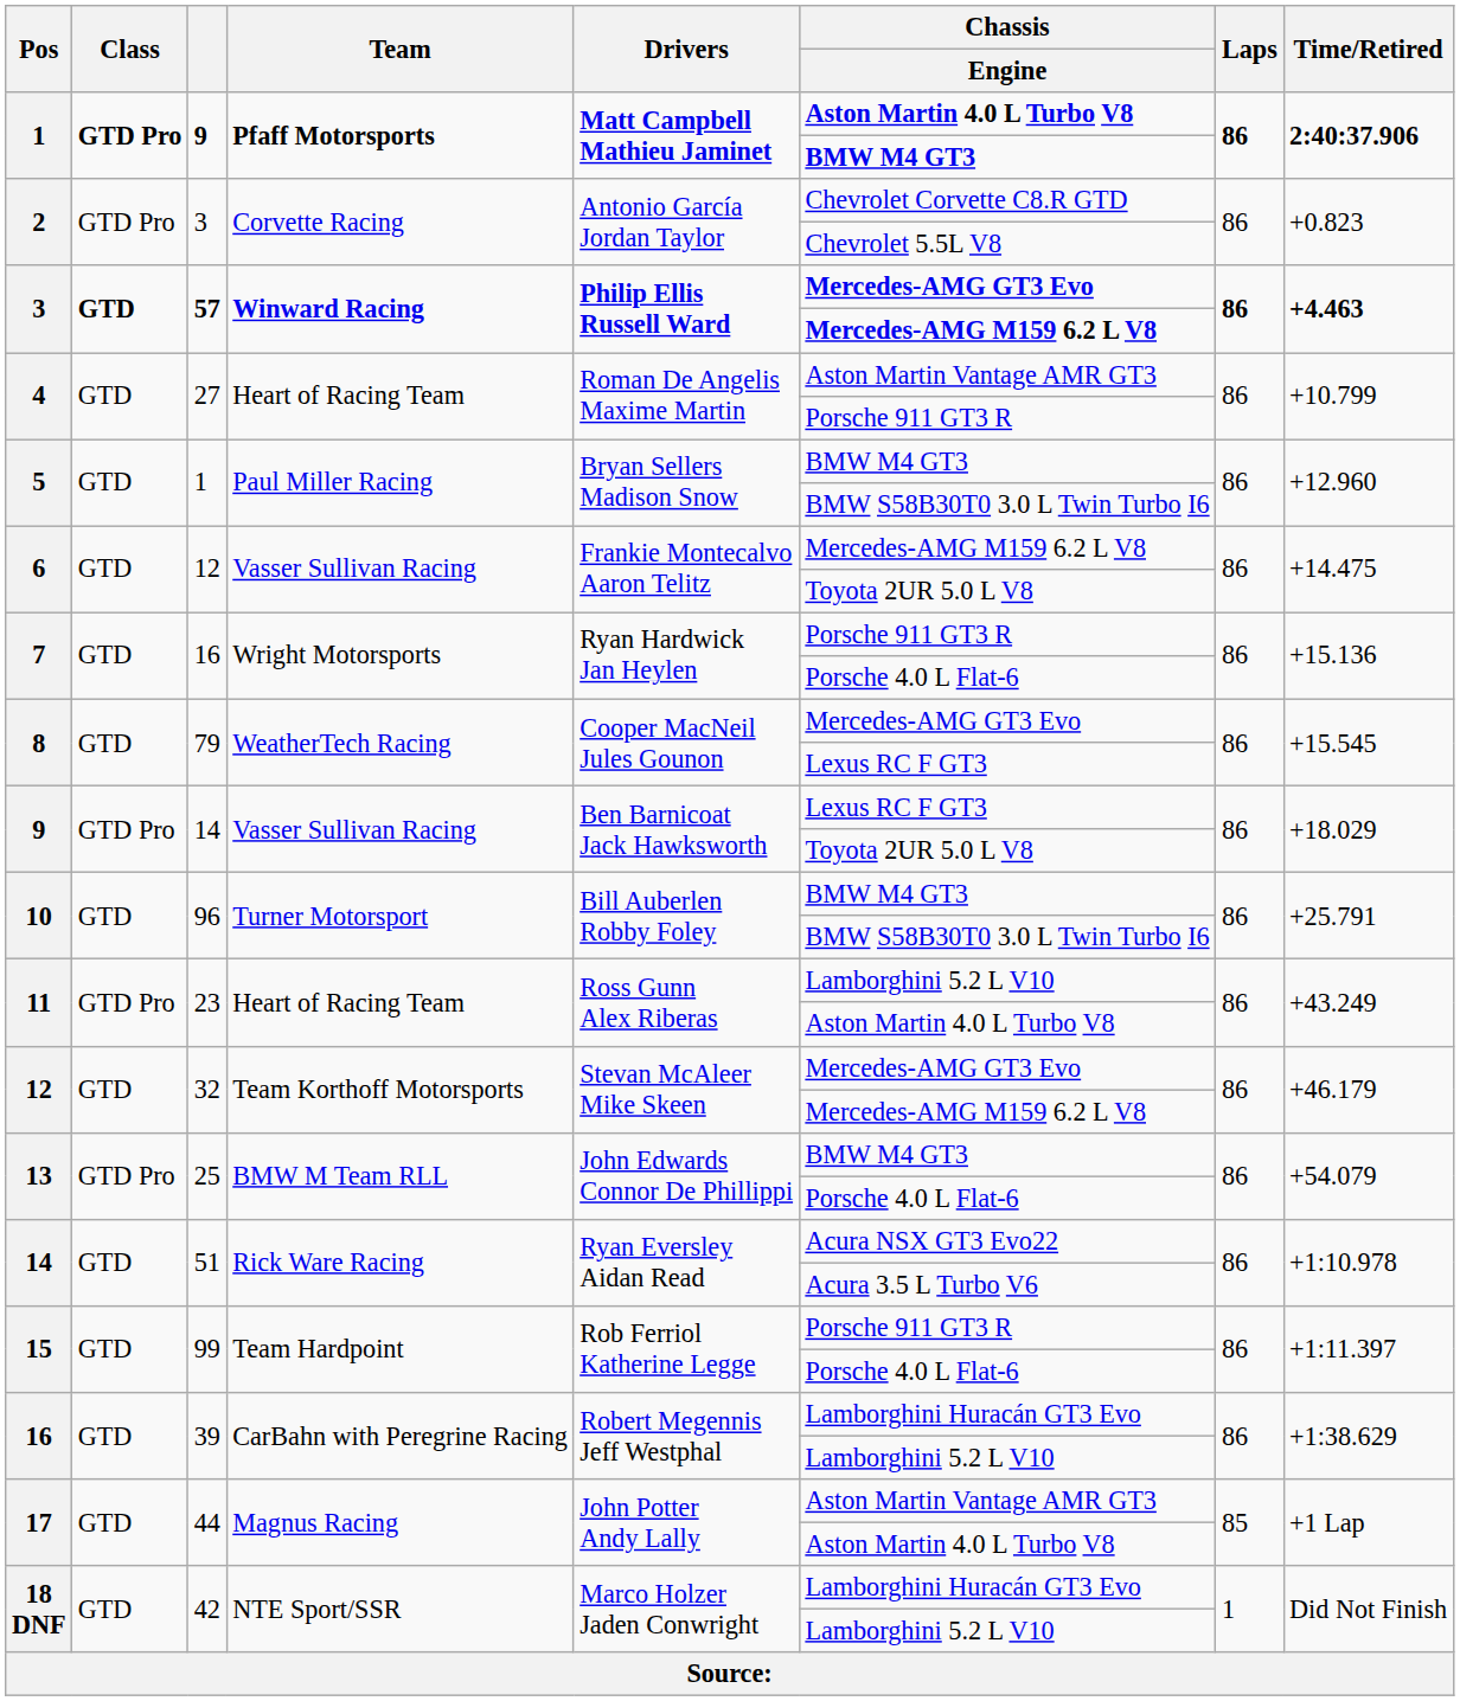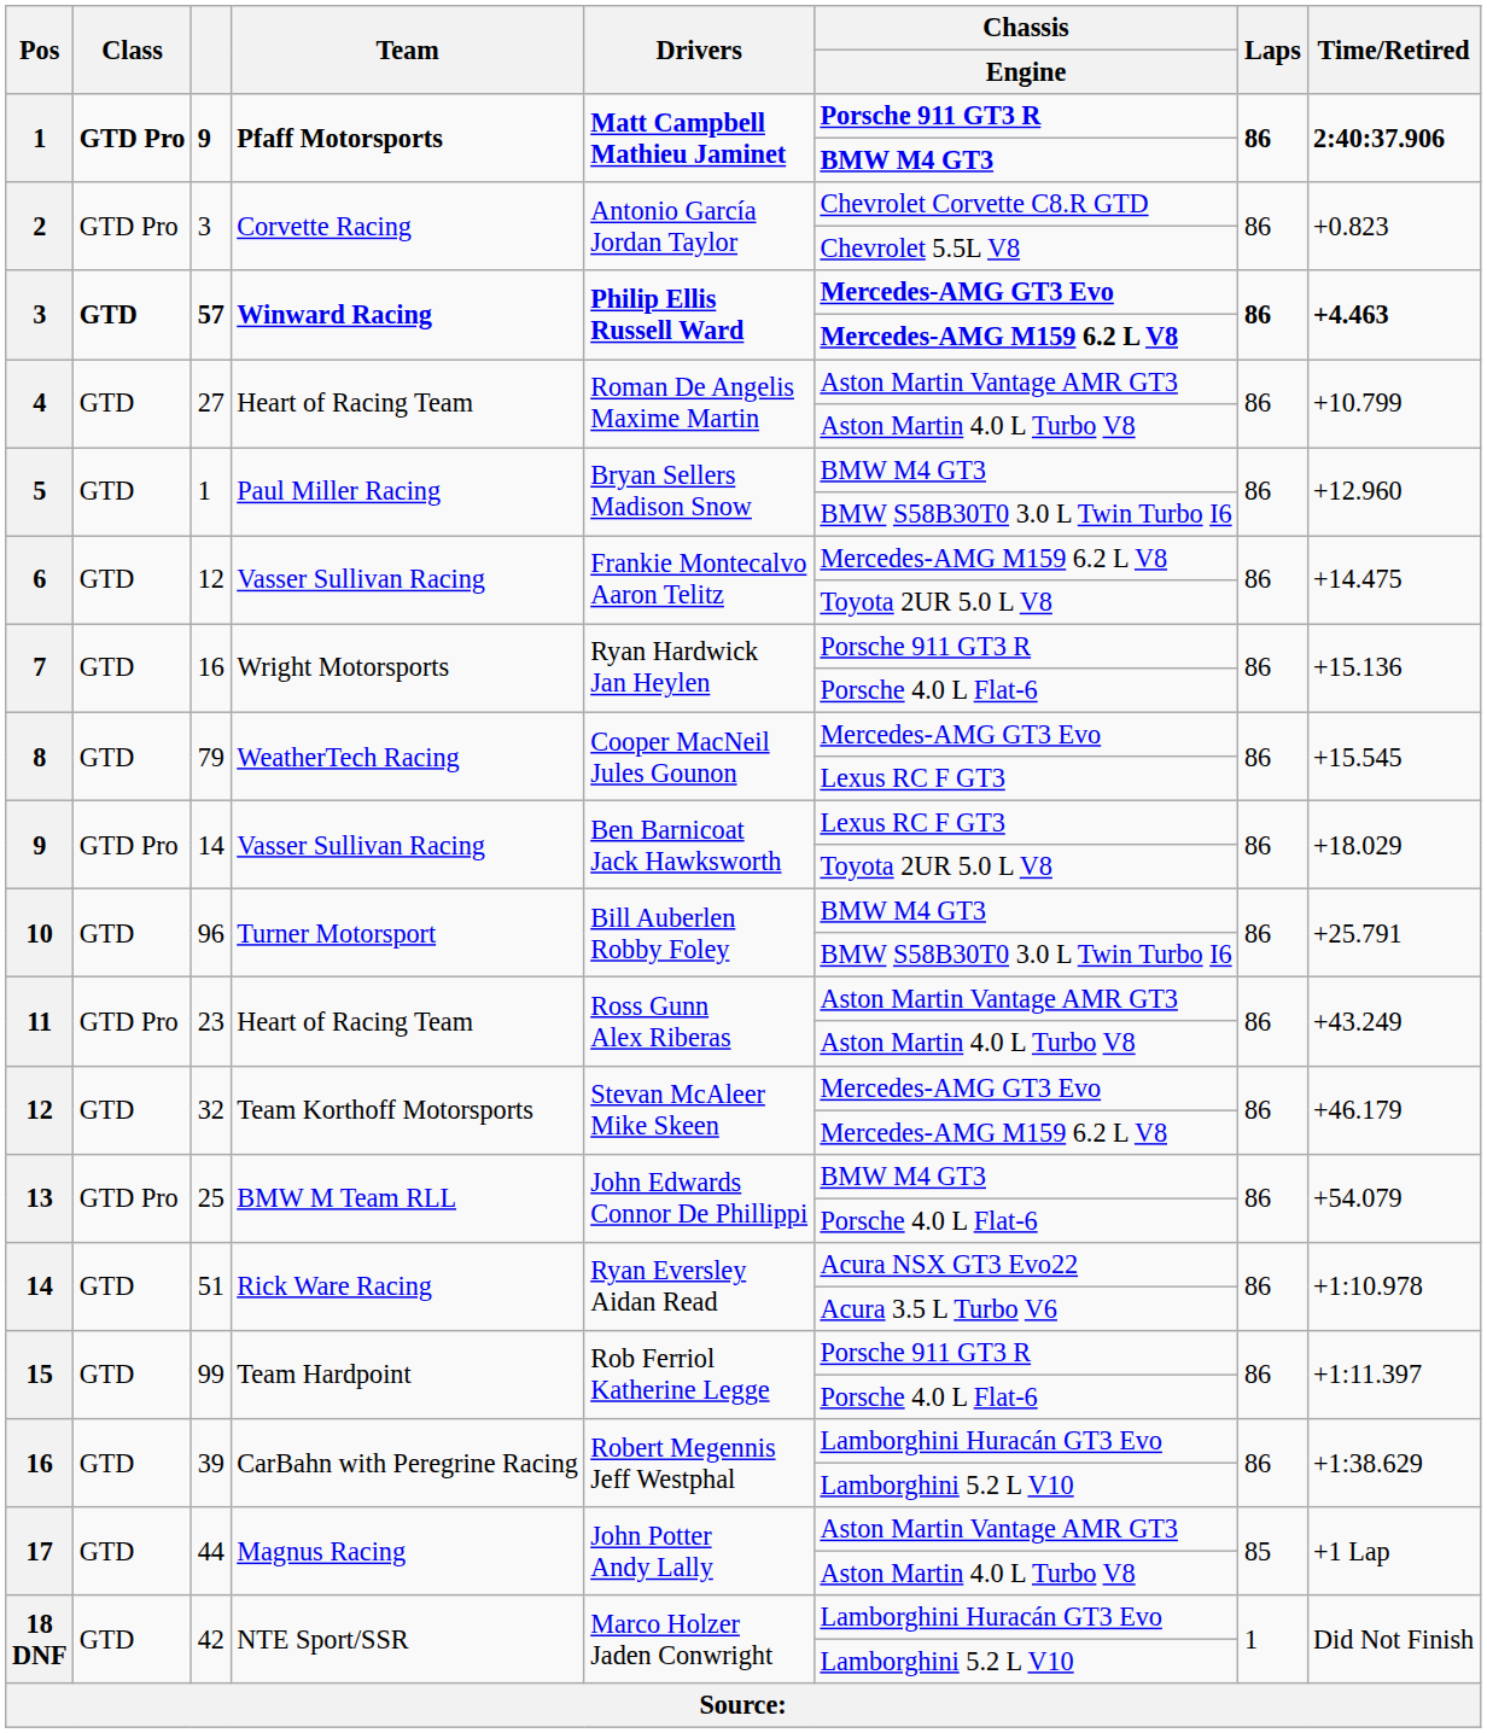 <table class="wikitable" style="font-size: 95%;">
 <tr>
 <th rowspan="2">Pos</th>
 <th rowspan="2">Class</th>
 <th rowspan="2"></th>
 <th rowspan="2">Team</th>
 <th rowspan="2">Drivers</th>
 <th>Chassis</th>
 <th rowspan="2">Laps</th>
 <th rowspan="2">Time/Retired</th>
 </tr>
 <tr>
 <th>Engine</th>
 </tr>
 <tr style="font-weight:bold">
 <th rowspan="2">1</th>
 <td rowspan="2">GTD Pro</td>
 <td rowspan="2">9</td>
 <td rowspan="2"> Pfaff Motorsports</td>
 <td rowspan="2"> <a href='#'>Matt Campbell</a><br> <a href='#'>Mathieu Jaminet</a></td>
-<td><a href='#'>Aston Martin</a> 4.0 L <a href='#'>Turbo</a> <a href='#'>V8</a></td>
+<td><a href='#'>Porsche 911 GT3 R</a></td>
 <td rowspan="2">86</td>
 <td rowspan="2">2:40:37.906</td>
 </tr>
 <tr style="font-weight:bold">
 <td><a href='#'>BMW M4 GT3</a></td>
 </tr>
 <tr>
 <th rowspan="2">2</th>
 <td rowspan="2">GTD Pro</td>
 <td rowspan="2">3</td>
 <td rowspan="2"> <a href='#'>Corvette Racing</a></td>
 <td rowspan="2"> <a href='#'>Antonio García</a><br> <a href='#'>Jordan Taylor</a></td>
 <td><a href='#'>Chevrolet Corvette C8.R GTD</a></td>
 <td rowspan="2">86</td>
 <td rowspan="2">+0.823</td>
 </tr>
 <tr>
 <td><a href='#'>Chevrolet</a> 5.5L <a href='#'>V8</a></td>
 </tr>
 <tr style="font-weight:bold">
 <th rowspan="2">3</th>
 <td rowspan="2">GTD</td>
 <td rowspan="2">57</td>
 <td rowspan="2"> <a href='#'>Winward Racing</a></td>
 <td rowspan="2"> <a href='#'>Philip Ellis</a><br>  <a href='#'>Russell Ward</a></td>
 <td><a href='#'>Mercedes-AMG GT3 Evo</a></td>
 <td rowspan="2">86</td>
 <td rowspan="2">+4.463</td>
 </tr>
 <tr style="font-weight:bold">
 <td><a href='#'>Mercedes-AMG M159</a> 6.2 L <a href='#'>V8</a></td>
 </tr>
 <tr>
 <th rowspan="2">4</th>
 <td rowspan="2">GTD</td>
 <td rowspan="2">27</td>
 <td rowspan="2"> Heart of Racing Team</td>
 <td rowspan="2"> <a href='#'>Roman De Angelis</a><br>  <a href='#'>Maxime Martin</a></td>
 <td><a href='#'>Aston Martin Vantage AMR GT3</a></td>
 <td rowspan="2">86</td>
 <td rowspan="2">+10.799</td>
 </tr>
 <tr>
-<td><a href='#'>Porsche 911 GT3 R</a></td>
+<td><a href='#'>Aston Martin</a> 4.0 L <a href='#'>Turbo</a> <a href='#'>V8</a></td>
 </tr>
 <tr>
 <th rowspan="2">5</th>
 <td rowspan="2">GTD</td>
 <td rowspan="2">1</td>
 <td rowspan="2"> <a href='#'>Paul Miller Racing</a></td>
 <td rowspan="2"> <a href='#'>Bryan Sellers</a><br>  <a href='#'>Madison Snow</a></td>
 <td><a href='#'>BMW M4 GT3</a></td>
 <td rowspan="2">86</td>
 <td rowspan="2">+12.960</td>
 </tr>
 <tr>
 <td><a href='#'>BMW</a> <a href='#'>S58B30T0</a> 3.0 L <a href='#'>Twin Turbo</a> <a href='#'>I6</a></td>
 </tr>
 <tr>
 <th rowspan="2">6</th>
 <td rowspan="2">GTD</td>
 <td rowspan="2">12</td>
 <td rowspan="2"> <a href='#'>Vasser Sullivan Racing</a></td>
 <td rowspan="2"> <a href='#'>Frankie Montecalvo</a><br>  <a href='#'>Aaron Telitz</a></td>
 <td><a href='#'>Mercedes-AMG M159</a> 6.2 L <a href='#'>V8</a></td>
 <td rowspan="2">86</td>
 <td rowspan="2">+14.475</td>
 </tr>
 <tr>
 <td><a href='#'>Toyota</a> 2UR 5.0 L <a href='#'>V8</a></td>
 </tr>
 <tr>
 <th rowspan="2">7</th>
 <td rowspan="2">GTD</td>
 <td rowspan="2">16</td>
 <td rowspan="2"> Wright Motorsports</td>
 <td rowspan="2"> Ryan Hardwick<br>  <a href='#'>Jan Heylen</a></td>
 <td><a href='#'>Porsche 911 GT3 R</a></td>
 <td rowspan="2">86</td>
 <td rowspan="2">+15.136</td>
 </tr>
 <tr>
 <td><a href='#'>Porsche</a> 4.0 L <a href='#'>Flat-6</a></td>
 </tr>
 <tr>
 <th rowspan="2">8</th>
 <td rowspan="2">GTD</td>
 <td rowspan="2">79</td>
 <td rowspan="2"> <a href='#'>WeatherTech Racing</a></td>
 <td rowspan="2"> <a href='#'>Cooper MacNeil</a><br> <a href='#'>Jules Gounon</a></td>
 <td><a href='#'>Mercedes-AMG GT3 Evo</a></td>
 <td rowspan="2">86</td>
 <td rowspan="2">+15.545</td>
 </tr>
 <tr>
 <td><a href='#'>Lexus RC F GT3</a></td>
 </tr>
 <tr>
 <th rowspan="2">9</th>
 <td rowspan="2">GTD Pro</td>
 <td rowspan="2">14</td>
 <td rowspan="2"> <a href='#'>Vasser Sullivan Racing</a></td>
 <td rowspan="2"> <a href='#'>Ben Barnicoat</a><br>  <a href='#'>Jack Hawksworth</a></td>
 <td><a href='#'>Lexus RC F GT3</a></td>
 <td rowspan="2">86</td>
 <td rowspan="2">+18.029</td>
 </tr>
 <tr>
 <td><a href='#'>Toyota</a> 2UR 5.0 L <a href='#'>V8</a></td>
 </tr>
 <tr>
 <th rowspan="2">10</th>
 <td rowspan="2">GTD</td>
 <td rowspan="2">96</td>
 <td rowspan="2"> <a href='#'>Turner Motorsport</a></td>
 <td rowspan="2"> <a href='#'>Bill Auberlen</a><br>  <a href='#'>Robby Foley</a></td>
 <td><a href='#'>BMW M4 GT3</a></td>
 <td rowspan="2">86</td>
 <td rowspan="2">+25.791</td>
 </tr>
 <tr>
 <td><a href='#'>BMW</a> <a href='#'>S58B30T0</a> 3.0 L <a href='#'>Twin Turbo</a> <a href='#'>I6</a></td>
 </tr>
 <tr>
 <th rowspan="2">11</th>
 <td rowspan="2">GTD Pro</td>
 <td rowspan="2">23</td>
 <td rowspan="2"> Heart of Racing Team</td>
 <td rowspan="2"> <a href='#'>Ross Gunn</a><br> <a href='#'>Alex Riberas</a></td>
-<td><a href='#'>Lamborghini</a> 5.2 L <a href='#'>V10</a></td>
+<td><a href='#'>Aston Martin Vantage AMR GT3</a></td>
 <td rowspan="2">86</td>
 <td rowspan="2">+43.249</td>
 </tr>
 <tr>
 <td><a href='#'>Aston Martin</a> 4.0 L <a href='#'>Turbo</a> <a href='#'>V8</a></td>
 </tr>
 <tr>
 <th rowspan="2">12</th>
 <td rowspan="2">GTD</td>
 <td rowspan="2">32</td>
 <td rowspan="2"> Team Korthoff Motorsports</td>
 <td rowspan="2"> <a href='#'>Stevan McAleer</a><br>  <a href='#'>Mike Skeen</a></td>
 <td><a href='#'>Mercedes-AMG GT3 Evo</a></td>
 <td rowspan="2">86</td>
 <td rowspan="2">+46.179</td>
 </tr>
 <tr>
 <td><a href='#'>Mercedes-AMG M159</a> 6.2 L <a href='#'>V8</a></td>
 </tr>
 <tr>
 <th rowspan="2">13</th>
 <td rowspan="2">GTD Pro</td>
 <td rowspan="2">25</td>
 <td rowspan="2"> <a href='#'>BMW M Team RLL</a></td>
 <td rowspan="2"> <a href='#'>John Edwards</a><br> <a href='#'>Connor De Phillippi</a></td>
 <td><a href='#'>BMW M4 GT3</a></td>
 <td rowspan="2">86</td>
 <td rowspan="2">+54.079</td>
 </tr>
 <tr>
 <td><a href='#'>Porsche</a> 4.0 L <a href='#'>Flat-6</a></td>
 </tr>
 <tr>
 <th rowspan="2">14</th>
 <td rowspan="2">GTD</td>
 <td rowspan="2">51</td>
 <td rowspan="2"> <a href='#'>Rick Ware Racing</a></td>
 <td rowspan="2"> <a href='#'>Ryan Eversley</a><br>  Aidan Read</td>
 <td><a href='#'>Acura NSX GT3 Evo22</a></td>
 <td rowspan="2">86</td>
 <td rowspan="2">+1:10.978</td>
 </tr>
 <tr>
 <td><a href='#'>Acura</a> 3.5 L <a href='#'>Turbo</a> <a href='#'>V6</a></td>
 </tr>
 <tr>
 <th rowspan="2">15</th>
 <td rowspan="2">GTD</td>
 <td rowspan="2">99</td>
 <td rowspan="2"> Team Hardpoint</td>
 <td rowspan="2"> Rob Ferriol<br>  <a href='#'>Katherine Legge</a></td>
 <td><a href='#'>Porsche 911 GT3 R</a></td>
 <td rowspan="2">86</td>
 <td rowspan="2">+1:11.397</td>
 </tr>
 <tr>
 <td><a href='#'>Porsche</a> 4.0 L <a href='#'>Flat-6</a></td>
 </tr>
 <tr>
 <th rowspan="2">16</th>
 <td rowspan="2">GTD</td>
 <td rowspan="2">39</td>
 <td rowspan="2"> CarBahn with Peregrine Racing</td>
 <td rowspan="2"> <a href='#'>Robert Megennis</a><br>  Jeff Westphal</td>
 <td><a href='#'>Lamborghini Huracán GT3 Evo</a></td>
 <td rowspan="2">86</td>
 <td rowspan="2">+1:38.629</td>
 </tr>
 <tr>
 <td><a href='#'>Lamborghini</a> 5.2 L <a href='#'>V10</a></td>
 </tr>
 <tr>
 <th rowspan="2">17</th>
 <td rowspan="2">GTD</td>
 <td rowspan="2">44</td>
 <td rowspan="2"> <a href='#'>Magnus Racing</a></td>
 <td rowspan="2"> <a href='#'>John Potter</a><br> <a href='#'>Andy Lally</a></td>
 <td><a href='#'>Aston Martin Vantage AMR GT3</a></td>
 <td rowspan="2">85</td>
 <td rowspan="2">+1 Lap</td>
 </tr>
 <tr>
 <td><a href='#'>Aston Martin</a> 4.0 L <a href='#'>Turbo</a> <a href='#'>V8</a></td>
 </tr>
 <tr>
 <th rowspan="2">18<br>DNF</th>
 <td rowspan="2">GTD</td>
 <td rowspan="2">42</td>
 <td rowspan="2"> NTE Sport/SSR</td>
 <td rowspan="2"> <a href='#'>Marco Holzer</a><br> Jaden Conwright</td>
 <td><a href='#'>Lamborghini Huracán GT3 Evo</a></td>
 <td rowspan="2">1</td>
 <td rowspan="2">Did Not Finish</td>
 </tr>
 <tr>
 <td><a href='#'>Lamborghini</a> 5.2 L <a href='#'>V10</a></td>
 </tr>
 <tr>
 <th colspan="8" align="center">Source:</th>
 </tr>
 </table>
